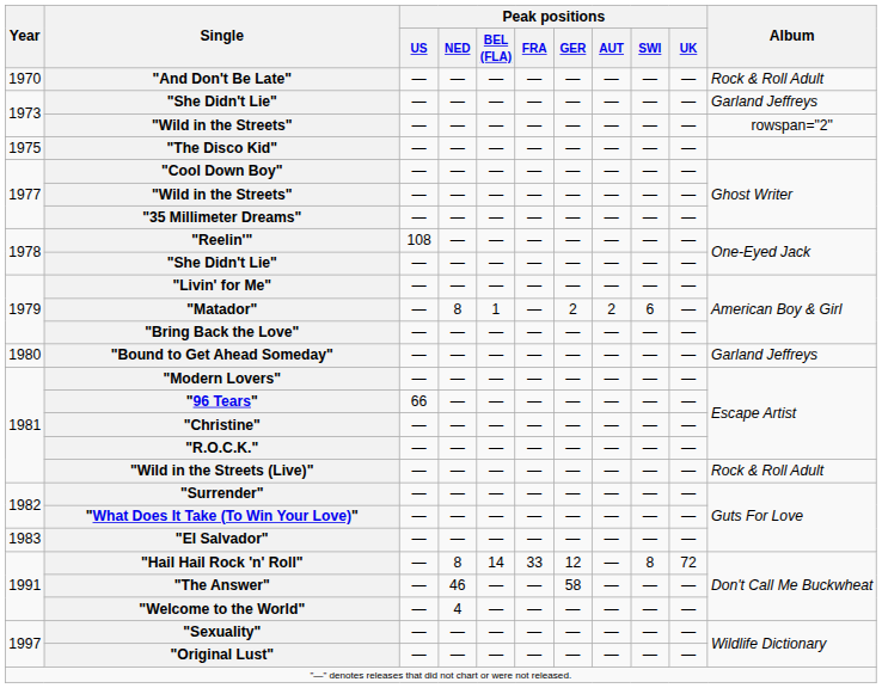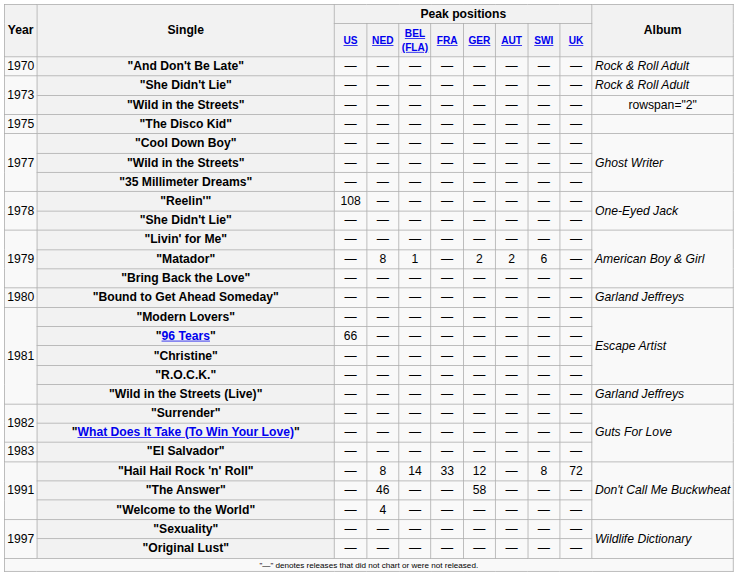 <table class="wikitable plainrowheaders" style="text-align:center;">
 <tr>
 <th rowspan="2">Year</th>
 <th rowspan="2" style="width:24em;">Single</th>
 <th colspan="8">Peak positions</th>
 <th rowspan="2">Album</th>
 </tr>
 <tr>
 <th width="35"><small><a href='#'>US</a></small><br></th>
 <th width="35"><small><a href='#'>NED</a></small></th>
 <th width="35"><small><a href='#'>BEL<br>(FLA)</a></small></th>
 <th width="35"><small><a href='#'>FRA</a></small></th>
 <th width="35"><small><a href='#'>GER</a></small><br></th>
 <th width="35"><small><a href='#'>AUT</a></small></th>
 <th width="35"><small><a href='#'>SWI</a></small></th>
 <th width="35"><small><a href='#'>UK</a></small><br></th>
 </tr>
 <tr>
 <td rowspan="1">1970</td>
 <th scope="row">"And Don't Be Late"</th>
 <td>—</td>
 <td>—</td>
 <td>—</td>
 <td>—</td>
 <td>—</td>
 <td>—</td>
 <td>—</td>
 <td>—</td>
 <td align="left" rowspan="1"><em>Rock & Roll Adult</em></td>
 </tr>
 <tr>
 <td rowspan="2">1973</td>
 <th scope="row">"She Didn't Lie"</th>
 <td>—</td>
 <td>—</td>
 <td>—</td>
 <td>—</td>
 <td>—</td>
 <td>—</td>
 <td>—</td>
 <td>—</td>
-<td align="left" rowspan="1"><em>Garland Jeffreys</em></td>
+<td align="left" rowspan="1"><em>Rock & Roll Adult</em></td>
 </tr>
 <tr>
 <th scope="row">"Wild in the Streets"</th>
 <td>—</td>
 <td>—</td>
 <td>—</td>
 <td>—</td>
 <td>—</td>
 <td>—</td>
 <td>—</td>
 <td>—</td>
 <td>rowspan="2" </td>
 </tr>
 <tr>
 <td rowspan="1">1975</td>
 <th scope="row">"The Disco Kid"</th>
 <td>—</td>
 <td>—</td>
 <td>—</td>
 <td>—</td>
 <td>—</td>
 <td>—</td>
 <td>—</td>
 <td>—</td>
 </tr>
 <tr>
 <td rowspan="3">1977</td>
 <th scope="row">"Cool Down Boy"</th>
 <td>—</td>
 <td>—</td>
 <td>—</td>
 <td>—</td>
 <td>—</td>
 <td>—</td>
 <td>—</td>
 <td>—</td>
 <td align="left" rowspan="3"><em>Ghost Writer</em></td>
 </tr>
 <tr>
 <th scope="row">"Wild in the Streets"</th>
 <td>—</td>
 <td>—</td>
 <td>—</td>
 <td>—</td>
 <td>—</td>
 <td>—</td>
 <td>—</td>
 <td>—</td>
 </tr>
 <tr>
 <th scope="row">"35 Millimeter Dreams"</th>
 <td>—</td>
 <td>—</td>
 <td>—</td>
 <td>—</td>
 <td>—</td>
 <td>—</td>
 <td>—</td>
 <td>—</td>
 </tr>
 <tr>
 <td rowspan="2">1978</td>
 <th scope="row">"Reelin'"</th>
 <td>108</td>
 <td>—</td>
 <td>—</td>
 <td>—</td>
 <td>—</td>
 <td>—</td>
 <td>—</td>
 <td>—</td>
 <td align="left" rowspan="2"><em>One-Eyed Jack</em></td>
 </tr>
 <tr>
 <th scope="row">"She Didn't Lie"</th>
 <td>—</td>
 <td>—</td>
 <td>—</td>
 <td>—</td>
 <td>—</td>
 <td>—</td>
 <td>—</td>
 <td>—</td>
 </tr>
 <tr>
 <td rowspan="3">1979</td>
 <th scope="row">"Livin' for Me"</th>
 <td>—</td>
 <td>—</td>
 <td>—</td>
 <td>—</td>
 <td>—</td>
 <td>—</td>
 <td>—</td>
 <td>—</td>
 <td align="left" rowspan="3"><em>American Boy & Girl</em></td>
 </tr>
 <tr>
 <th scope="row">"Matador"</th>
 <td>—</td>
 <td>8</td>
 <td>1</td>
 <td>—</td>
 <td>2</td>
 <td>2</td>
 <td>6</td>
 <td>—</td>
 </tr>
 <tr>
 <th scope="row">"Bring Back the Love"</th>
 <td>—</td>
 <td>—</td>
 <td>—</td>
 <td>—</td>
 <td>—</td>
 <td>—</td>
 <td>—</td>
 <td>—</td>
 </tr>
 <tr>
 <td rowspan="1">1980</td>
 <th scope="row">"Bound to Get Ahead Someday"</th>
 <td>—</td>
 <td>—</td>
 <td>—</td>
 <td>—</td>
 <td>—</td>
 <td>—</td>
 <td>—</td>
 <td>—</td>
 <td align="left" rowspan="1"><em>Garland Jeffreys</em></td>
 </tr>
 <tr>
 <td rowspan="5">1981</td>
 <th scope="row">"Modern Lovers"</th>
 <td>—</td>
 <td>—</td>
 <td>—</td>
 <td>—</td>
 <td>—</td>
 <td>—</td>
 <td>—</td>
 <td>—</td>
 <td align="left" rowspan="4"><em>Escape Artist</em></td>
 </tr>
 <tr>
 <th scope="row">"<a href='#'>96 Tears</a>"</th>
 <td>66</td>
 <td>—</td>
 <td>—</td>
 <td>—</td>
 <td>—</td>
 <td>—</td>
 <td>—</td>
 <td>—</td>
 </tr>
 <tr>
 <th scope="row">"Christine"</th>
 <td>—</td>
 <td>—</td>
 <td>—</td>
 <td>—</td>
 <td>—</td>
 <td>—</td>
 <td>—</td>
 <td>—</td>
 </tr>
 <tr>
 <th scope="row">"R.O.C.K."</th>
 <td>—</td>
 <td>—</td>
 <td>—</td>
 <td>—</td>
 <td>—</td>
 <td>—</td>
 <td>—</td>
 <td>—</td>
 </tr>
 <tr>
 <th scope="row">"Wild in the Streets (Live)"</th>
 <td>—</td>
 <td>—</td>
 <td>—</td>
 <td>—</td>
 <td>—</td>
 <td>—</td>
 <td>—</td>
 <td>—</td>
-<td align="left" rowspan="1"><em>Rock & Roll Adult</em></td>
+<td align="left" rowspan="1"><em>Garland Jeffreys</em></td>
 </tr>
 <tr>
 <td rowspan="2">1982</td>
 <th scope="row">"Surrender"</th>
 <td>—</td>
 <td>—</td>
 <td>—</td>
 <td>—</td>
 <td>—</td>
 <td>—</td>
 <td>—</td>
 <td>—</td>
 <td align="left" rowspan="3"><em>Guts For Love</em></td>
 </tr>
 <tr>
 <th scope="row">"<a href='#'>What Does It Take (To Win Your Love)</a>"</th>
 <td>—</td>
 <td>—</td>
 <td>—</td>
 <td>—</td>
 <td>—</td>
 <td>—</td>
 <td>—</td>
 <td>—</td>
 </tr>
 <tr>
 <td rowspan="1">1983</td>
 <th scope="row">"El Salvador"</th>
 <td>—</td>
 <td>—</td>
 <td>—</td>
 <td>—</td>
 <td>—</td>
 <td>—</td>
 <td>—</td>
 <td>—</td>
 </tr>
 <tr>
 <td rowspan="3">1991</td>
 <th scope="row">"Hail Hail Rock 'n' Roll"</th>
 <td>—</td>
 <td>8</td>
 <td>14</td>
 <td>33</td>
 <td>12</td>
 <td>—</td>
 <td>8</td>
 <td>72</td>
 <td align="left" rowspan="3"><em>Don't Call Me Buckwheat</em></td>
 </tr>
 <tr>
 <th scope="row">"The Answer"</th>
 <td>—</td>
 <td>46</td>
 <td>—</td>
 <td>—</td>
 <td>58</td>
 <td>—</td>
 <td>—</td>
 <td>—</td>
 </tr>
 <tr>
 <th scope="row">"Welcome to the World"</th>
 <td>—</td>
 <td>4</td>
 <td>—</td>
 <td>—</td>
 <td>—</td>
 <td>—</td>
 <td>—</td>
 <td>—</td>
 </tr>
 <tr>
 <td rowspan="2">1997</td>
 <th scope="row">"Sexuality"</th>
 <td>—</td>
 <td>—</td>
 <td>—</td>
 <td>—</td>
 <td>—</td>
 <td>—</td>
 <td>—</td>
 <td>—</td>
 <td align="left" rowspan="2"><em>Wildlife Dictionary</em></td>
 </tr>
 <tr>
 <th scope="row">"Original Lust"</th>
 <td>—</td>
 <td>—</td>
 <td>—</td>
 <td>—</td>
 <td>—</td>
 <td>—</td>
 <td>—</td>
 <td>—</td>
 </tr>
 <tr>
 <td align="center" colspan="13" style="font-size:8pt">"—" denotes releases that did not chart or were not released.</td>
 </tr>
 </table>
